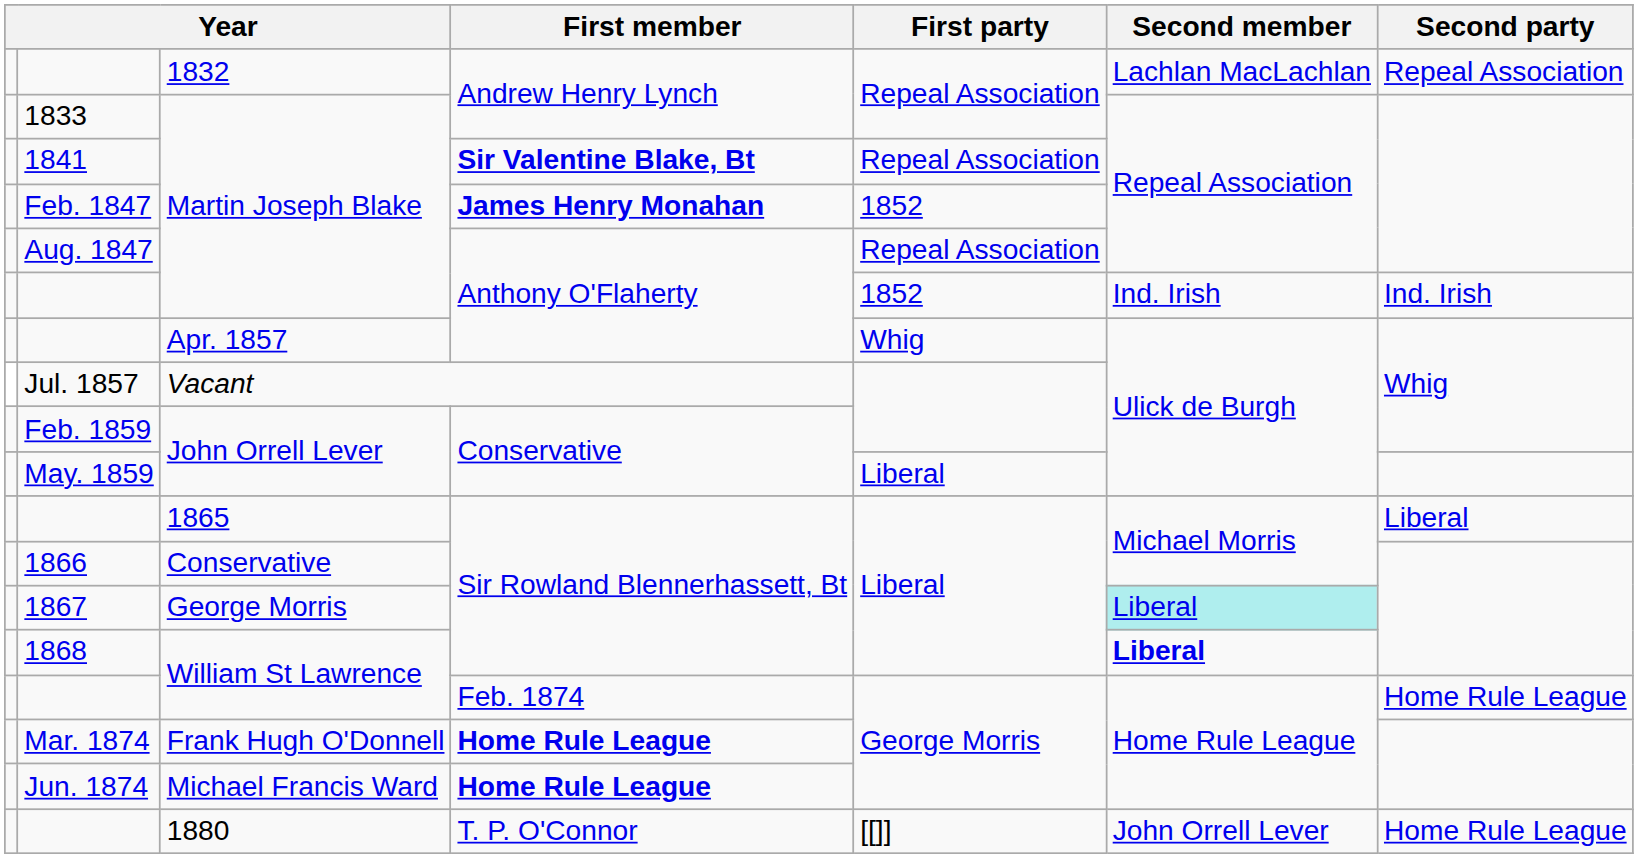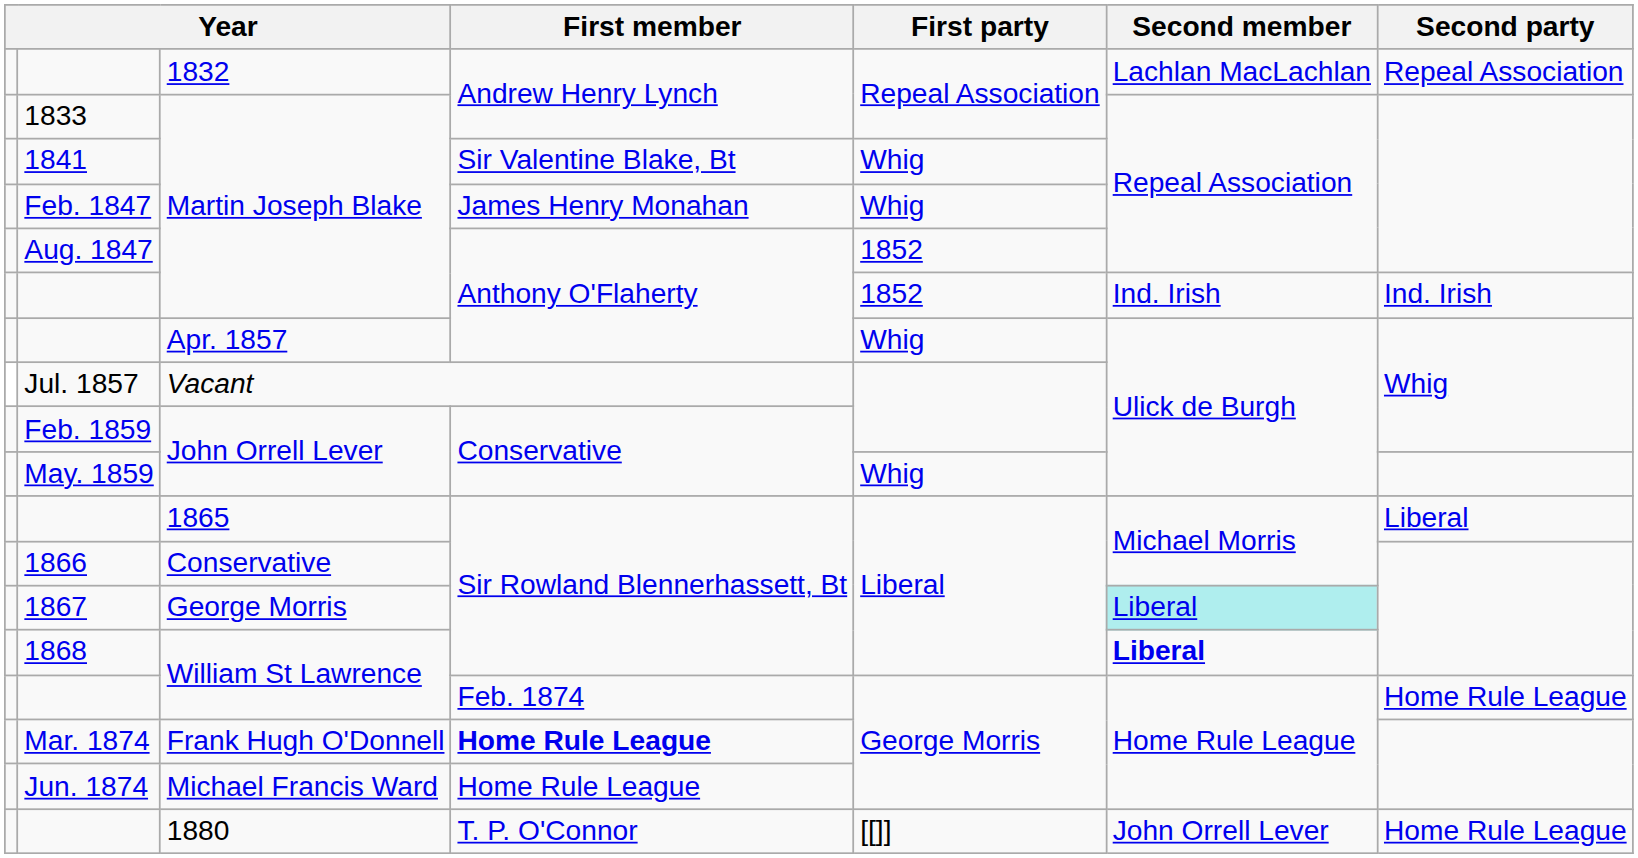 <table class="wikitable">
 <tr>
 <th colspan="3">Year</th>
 <th>First member</th>
 <th>First party</th>
 <th>Second member</th>
 <th>Second party</th>
 </tr>
 <tr>
 <td style="color:inherit;background-color: "></td>
 <td style="color:inherit;background-color: "></td>
 <td><a href='#'>1832</a></td>
 <td rowspan="2"><a href='#'>Andrew Henry Lynch</a></td>
 <td rowspan="2"><a href='#'>Repeal Association</a></td>
 <td><a href='#'>Lachlan MacLachlan</a></td>
 <td><a href='#'>Repeal Association</a></td>
 </tr>
 <tr>
 <td style="color:inherit;background-color: "></td>
 <td>1833</td>
 <td rowspan="5"><a href='#'>Martin Joseph Blake</a></td>
 <td rowspan="4"><a href='#'>Repeal Association</a></td>
 </tr>
 <tr>
 <td style="color:inherit;background-color: "></td>
 <td><a href='#'>1841</a></td>
-<td><strong><a href='#'>Sir Valentine Blake, Bt</a></strong></td>
-<td><a href='#'>Repeal Association</a></td>
+<td><a href='#'>Sir Valentine Blake, Bt</a></td>
+<td><a href='#'>Whig</a></td>
 </tr>
 <tr>
 <td style="color:inherit;background-color: "></td>
 <td><a href='#'>Feb. 1847</a></td>
-<td><strong><a href='#'>James Henry Monahan</a></strong></td>
-<td><a href='#'>1852</a></td>
+<td><a href='#'>James Henry Monahan</a></td>
+<td><a href='#'>Whig</a></td>
 </tr>
 <tr>
 <td style="color:inherit;background-color: "></td>
 <td><a href='#'>Aug. 1847</a></td>
 <td rowspan="3"><a href='#'>Anthony O'Flaherty</a></td>
-<td><a href='#'>Repeal Association</a></td>
+<td><a href='#'>1852</a></td>
 </tr>
 <tr>
 <td style="color:inherit;background-color: "></td>
 <td style="color:inherit;background-color: "></td>
 <td><a href='#'>1852</a></td>
 <td><a href='#'>Ind. Irish</a></td>
 <td><a href='#'>Ind. Irish</a></td>
 </tr>
 <tr>
 <td style="color:inherit;background-color: "></td>
 <td style="color:inherit;background-color: "></td>
 <td><a href='#'>Apr. 1857</a></td>
 <td><a href='#'>Whig</a></td>
 <td rowspan="4"><a href='#'>Ulick de Burgh</a></td>
 <td rowspan="3"><a href='#'>Whig</a></td>
 </tr>
 <tr>
 <td style="color:inherit;background-color: white"></td>
 <td>Jul. 1857</td>
 <td colspan="2"><em>Vacant</em></td>
 </tr>
 <tr>
 <td style="color:inherit;background-color: "></td>
 <td><a href='#'>Feb. 1859</a></td>
 <td rowspan="2"><a href='#'>John Orrell Lever</a></td>
 <td rowspan="2"><a href='#'>Conservative</a></td>
 </tr>
 <tr>
 <td style="color:inherit;background-color: "></td>
 <td><a href='#'>May. 1859</a></td>
-<td><a href='#'>Liberal</a></td>
+<td><a href='#'>Whig</a></td>
 </tr>
 <tr>
 <td style="color:inherit;background-color: "></td>
 <td style="color:inherit;background-color: "></td>
 <td><a href='#'>1865</a></td>
 <td rowspan="4"><a href='#'>Sir Rowland Blennerhassett, Bt</a></td>
 <td rowspan="4"><a href='#'>Liberal</a></td>
 <td rowspan="2"><a href='#'>Michael Morris</a></td>
 <td><a href='#'>Liberal</a></td>
 </tr>
 <tr>
 <td style="color:inherit;background-color: "></td>
 <td><a href='#'>1866</a></td>
 <td><a href='#'>Conservative</a></td>
 </tr>
 <tr>
 <td style="color:inherit;background-color: "></td>
 <td><a href='#'>1867</a></td>
 <td><a href='#'>George Morris</a></td>
 <td style="background: paleturquoise;"><a href='#'>Liberal</a></td>
 </tr>
 <tr>
 <td style="color:inherit;background-color: "></td>
 <td><a href='#'>1868</a></td>
 <td rowspan="2"><a href='#'>William St Lawrence</a></td>
 <td><strong><a href='#'>Liberal</a></strong></td>
 </tr>
 <tr>
 <td style="color:inherit;background-color: "></td>
 <td style="color:inherit;background-color: "></td>
 <td><a href='#'>Feb. 1874</a></td>
 <td rowspan="3"><a href='#'>George Morris</a></td>
 <td rowspan="3"><a href='#'>Home Rule League</a></td>
 <td><a href='#'>Home Rule League</a></td>
 </tr>
 <tr>
 <td style="color:inherit;background-color: "></td>
 <td><a href='#'>Mar. 1874</a></td>
 <td><a href='#'>Frank Hugh O'Donnell</a></td>
 <td><strong><a href='#'>Home Rule League</a></strong></td>
 </tr>
 <tr>
 <td style="color:inherit;background-color: "></td>
 <td><a href='#'>Jun. 1874</a></td>
 <td><a href='#'>Michael Francis Ward</a></td>
-<td><strong><a href='#'>Home Rule League</a></strong></td>
+<td><a href='#'>Home Rule League</a></td>
 </tr>
 <tr>
 <td style="color:inherit;background-color: "></td>
 <td style="color:inherit;background-color: "></td>
 <td>1880</td>
 <td><a href='#'>T. P. O'Connor</a></td>
 <td>[[]]</td>
 <td><a href='#'>John Orrell Lever</a></td>
 <td><a href='#'>Home Rule League</a></td>
 </tr>
 </table>
